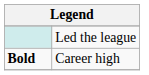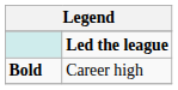 <table class="wikitable">
 <tr>
 <th colspan="3">Legend</th>
 </tr>
 <tr>
 </tr>
 <tr>
 <td style="background:#cfecec; width:3em;"></td>
-<td>Led the league</td>
+<td><strong>Led the league</strong></td>
 </tr>
 <tr>
 <td style="width:3em;"><strong>Bold</strong></td>
 <td>Career high</td>
 </tr>
 <tr>
 </tr>
 </table>
